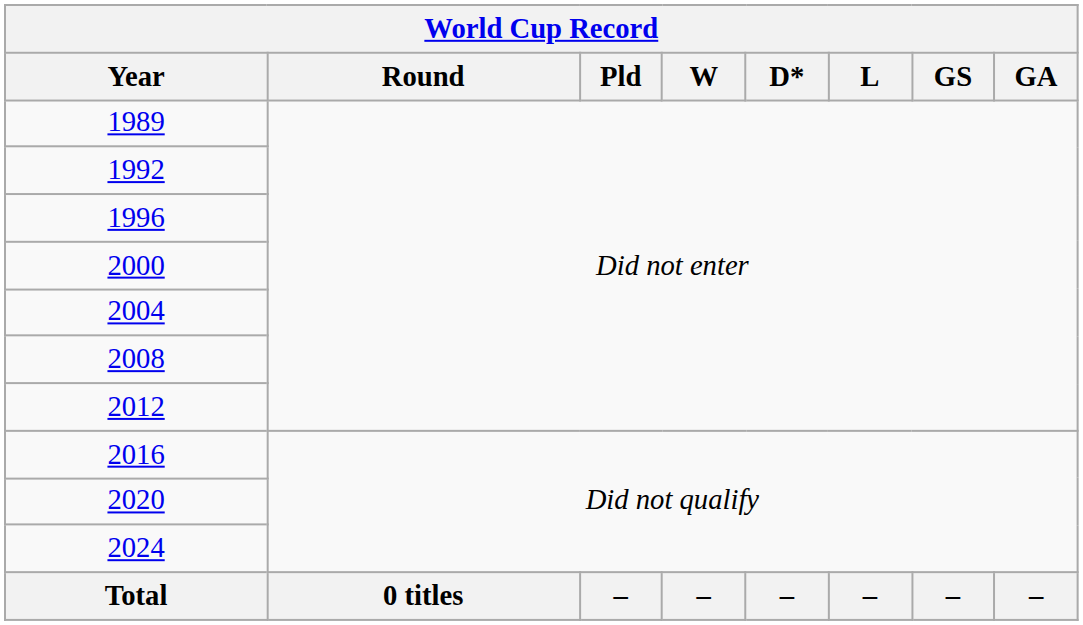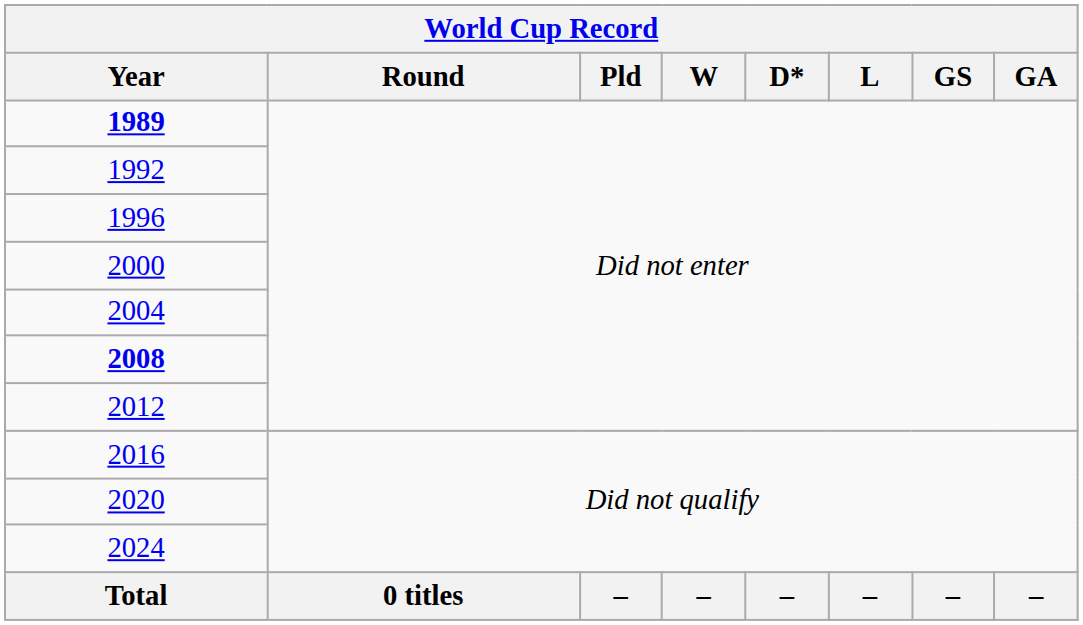 <table class="wikitable" style="text-align: center;font-size:90%;">
 <tr>
 <th colspan=9><a href='#'>World Cup Record</a></th>
 </tr>
 <tr>
 <th width=125>Year</th>
 <th width=150>Round</th>
 <th width=35>Pld</th>
 <th width=35>W</th>
 <th width=35>D*</th>
 <th width=35>L</th>
 <th width=35>GS</th>
 <th width=35>GA</th>
 </tr>
 <tr bgcolor=>
-<td> <a href='#'>1989</a></td>
+<td><strong> <a href='#'>1989</a></strong></td>
 <td colspan=8 rowspan=7><em>Did not enter</em></td>
 </tr>
 <tr bgcolor=>
 <td> <a href='#'>1992</a></td>
 </tr>
 <tr bgcolor=>
 <td> <a href='#'>1996</a></td>
 </tr>
 <tr bgcolor=>
 <td> <a href='#'>2000</a></td>
 </tr>
 <tr bgcolor=>
 <td> <a href='#'>2004</a></td>
 </tr>
 <tr bgcolor=>
-<td> <a href='#'>2008</a></td>
+<td><strong> <a href='#'>2008</a></strong></td>
 </tr>
 <tr bgcolor=>
 <td> <a href='#'>2012</a></td>
 </tr>
 <tr bgcolor=>
 <td> <a href='#'>2016</a></td>
 <td colspan=8 rowspan=3><em>Did not qualify</em></td>
 </tr>
 <tr bgcolor=>
 <td> <a href='#'>2020</a></td>
 </tr>
 <tr bgcolor=>
 <td> <a href='#'>2024</a></td>
 </tr>
 <tr bgcolor=>
 <th><strong>Total</strong></th>
 <th><strong>0 titles</strong></th>
 <th><strong>–</strong></th>
 <th><strong>–</strong></th>
 <th><strong>–</strong></th>
 <th><strong>–</strong></th>
 <th><strong>–</strong></th>
 <th><strong>–</strong></th>
 </tr>
 </table>
